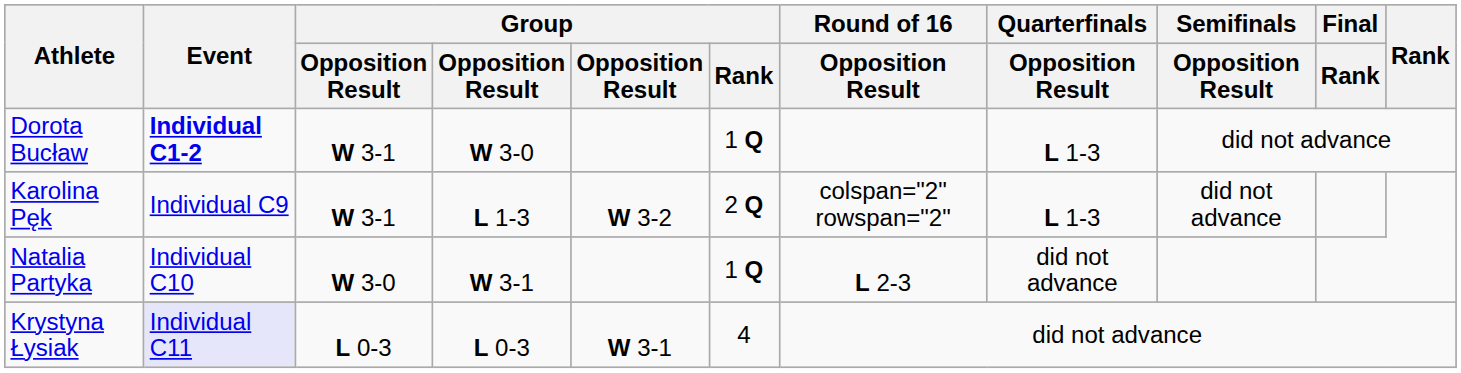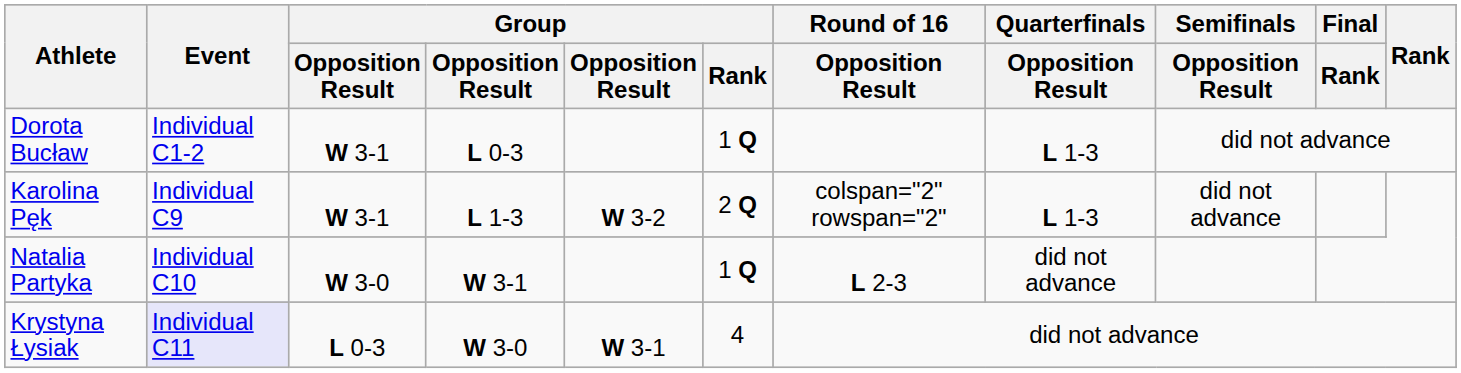 <table class=wikitable style="font-size:90%">
 <tr>
 <th rowspan="2">Athlete</th>
 <th rowspan="2">Event</th>
 <th colspan="4">Group</th>
 <th>Round of 16</th>
 <th>Quarterfinals</th>
 <th>Semifinals</th>
 <th>Final</th>
 <th rowspan="2">Rank</th>
 </tr>
 <tr>
 <th>Opposition<br>Result</th>
 <th>Opposition<br>Result</th>
 <th>Opposition<br>Result</th>
 <th>Rank</th>
 <th>Opposition<br>Result</th>
 <th>Opposition<br>Result</th>
 <th>Opposition<br>Result</th>
 <th>Rank</th>
 </tr>
 <tr align=center>
 <td align=left><a href='#'>Dorota Bucław</a></td>
-<td align=left><strong><a href='#'>Individual C1-2</a></strong></td>
+<td align=left><a href='#'>Individual C1-2</a></td>
 <td align=center><br><strong>W</strong> 3-1</td>
-<td align=center><br><strong>W</strong> 3-0</td>
+<td align=center><br><strong>L</strong> 0-3</td>
 <td></td>
 <td>1 <strong>Q</strong></td>
 <td></td>
 <td align=center><br><strong>L</strong> 1-3</td>
 <td align=center colspan="3">did not advance</td>
 </tr>
 <tr align=center>
 <td align=left><a href='#'>Karolina Pęk</a></td>
 <td align=left><a href='#'>Individual C9</a></td>
 <td align=center><br><strong>W</strong> 3-1</td>
 <td align=center><br><strong>L</strong> 1-3</td>
 <td align=center><br><strong>W</strong> 3-2</td>
 <td>2 <strong>Q</strong></td>
 <td>colspan="2" rowspan="2" </td>
 <td align=center><br><strong>L</strong> 1-3</td>
 <td>did not advance</td>
 <td></td>
 </tr>
 <tr align=center>
 <td align=left><a href='#'>Natalia Partyka</a></td>
 <td align=left><a href='#'>Individual C10</a></td>
 <td align=center><br><strong>W</strong> 3-0</td>
 <td align=center><br><strong>W</strong> 3-1</td>
 <td></td>
 <td>1 <strong>Q</strong></td>
 <td align=center><br><strong>L</strong> 2-3</td>
 <td>did not advance</td>
 <td></td>
 </tr>
 <tr align=center>
 <td align=left><a href='#'>Krystyna Łysiak</a></td>
 <td align=left style="background: lavender;"><a href='#'>Individual C11</a></td>
 <td align=center><br><strong>L</strong> 0-3</td>
-<td align=center><br><strong>L</strong> 0-3</td>
+<td align=center><br><strong>W</strong> 3-0</td>
 <td align=center><br><strong>W</strong> 3-1</td>
 <td>4</td>
 <td align=center colspan="5">did not advance</td>
 </tr>
 </table>
